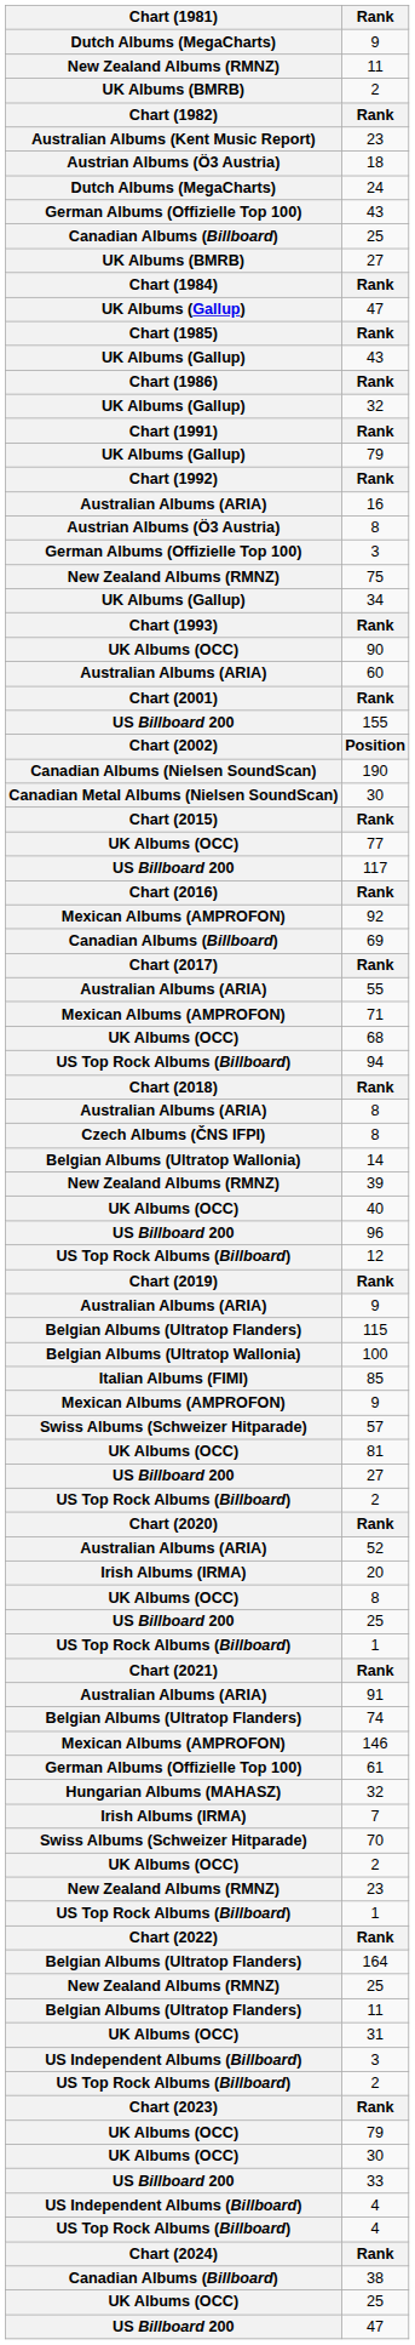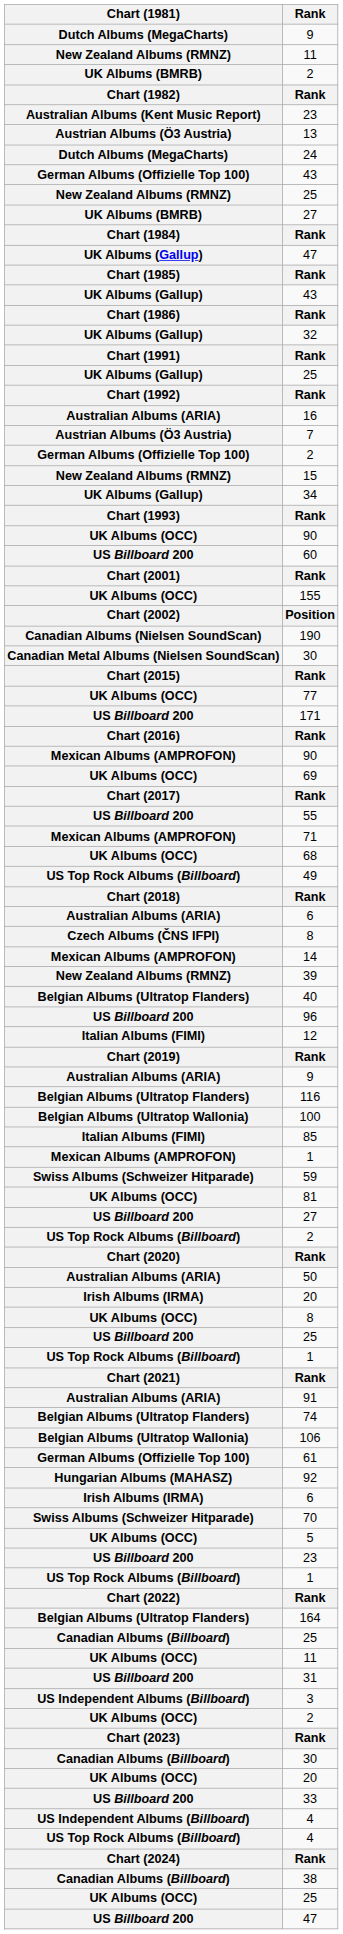 <table class="wikitable plainrowheaders">
 <tr>
 <th scope="col">Chart (1981)</th>
 <th scope="col">Rank</th>
 </tr>
 <tr>
 <th scope="row">Dutch Albums (MegaCharts)</th>
 <td style="text-align:center;">9</td>
 </tr>
 <tr>
 <th scope="row">New Zealand Albums (RMNZ)</th>
 <td style="text-align:center;">11</td>
 </tr>
 <tr>
 <th scope="row">UK Albums (BMRB)</th>
 <td style="text-align:center;">2</td>
 </tr>
 <tr>
 <th scope="col">Chart (1982)</th>
 <th scope="col">Rank</th>
 </tr>
 <tr>
 <th scope="row">Australian Albums (Kent Music Report)</th>
 <td style="text-align:center;">23</td>
 </tr>
 <tr>
 <th scope="row">Austrian Albums (Ö3 Austria)</th>
-<td style="text-align:center;">18</td>
+<td style="text-align:center;">13</td>
 </tr>
 <tr>
 <th scope="row">Dutch Albums (MegaCharts)</th>
 <td style="text-align:center;">24</td>
 </tr>
 <tr>
 <th scope="row">German Albums (Offizielle Top 100)</th>
 <td style="text-align:center;">43</td>
 </tr>
 <tr>
-<th scope="row">Canadian Albums (<em>Billboard</em>)</th>
+<th scope="row">New Zealand Albums (RMNZ)</th>
 <td style="text-align:center;">25</td>
 </tr>
 <tr>
 <th scope="row">UK Albums (BMRB)</th>
 <td style="text-align:center;">27</td>
 </tr>
 <tr>
 <th scope="col">Chart (1984)</th>
 <th scope="col">Rank</th>
 </tr>
 <tr>
 <th scope="row">UK Albums (<a href='#'>Gallup</a>)</th>
 <td style="text-align:center;">47</td>
 </tr>
 <tr>
 <th scope="col">Chart (1985)</th>
 <th scope="col">Rank</th>
 </tr>
 <tr>
 <th scope="row">UK Albums (Gallup)</th>
 <td style="text-align:center;">43</td>
 </tr>
 <tr>
 <th scope="col">Chart (1986)</th>
 <th scope="col">Rank</th>
 </tr>
 <tr>
 <th scope="row">UK Albums (Gallup)</th>
 <td style="text-align:center;">32</td>
 </tr>
 <tr>
 <th scope="col">Chart (1991)</th>
 <th scope="col">Rank</th>
 </tr>
 <tr>
 <th scope="row">UK Albums (Gallup)</th>
-<td style="text-align:center;">79</td>
+<td style="text-align:center;">25</td>
 </tr>
 <tr>
 <th scope="col">Chart (1992)</th>
 <th scope="col">Rank</th>
 </tr>
 <tr>
 <th scope="row">Australian Albums (ARIA)</th>
 <td style="text-align:center;">16</td>
 </tr>
 <tr>
 <th scope="row">Austrian Albums (Ö3 Austria)</th>
-<td style="text-align:center;">8</td>
+<td style="text-align:center;">7</td>
 </tr>
 <tr>
 <th scope="row">German Albums (Offizielle Top 100)</th>
-<td style="text-align:center;">3</td>
+<td style="text-align:center;">2</td>
 </tr>
 <tr>
 <th scope="row">New Zealand Albums (RMNZ)</th>
-<td style="text-align:center;">75</td>
+<td style="text-align:center;">15</td>
 </tr>
 <tr>
 <th scope="row">UK Albums (Gallup)</th>
 <td style="text-align:center;">34</td>
 </tr>
 <tr>
 <th scope="col">Chart (1993)</th>
 <th scope="col">Rank</th>
 </tr>
 <tr>
 <th scope="row">UK Albums (OCC)</th>
 <td style="text-align:center;">90</td>
 </tr>
 <tr>
-<th scope="row">Australian Albums (ARIA)</th>
+<th scope="row">US <em>Billboard</em> 200</th>
 <td style="text-align:center;">60</td>
 </tr>
 <tr>
 <th scope="col">Chart (2001)</th>
 <th scope="col">Rank</th>
 </tr>
 <tr>
-<th scope="row">US <em>Billboard</em> 200</th>
+<th scope="row">UK Albums (OCC)</th>
 <td style="text-align:center;">155</td>
 </tr>
 <tr>
 <th scope="col">Chart (2002)</th>
 <th scope="col">Position</th>
 </tr>
 <tr>
 <th scope="row">Canadian Albums (Nielsen SoundScan)</th>
 <td style="text-align:center;">190</td>
 </tr>
 <tr>
 <th scope="row">Canadian Metal Albums (Nielsen SoundScan)</th>
 <td style="text-align:center;">30</td>
 </tr>
 <tr>
 <th scope="col">Chart (2015)</th>
 <th scope="col">Rank</th>
 </tr>
 <tr>
 <th scope="row">UK Albums (OCC)</th>
 <td style="text-align:center;">77</td>
 </tr>
 <tr>
 <th scope="row">US <em>Billboard</em> 200<br></th>
-<td style="text-align:center;">117</td>
+<td style="text-align:center;">171</td>
 </tr>
 <tr>
 <th scope="col">Chart (2016)</th>
 <th scope="col">Rank</th>
 </tr>
 <tr>
 <th scope="row">Mexican Albums (AMPROFON)</th>
-<td style="text-align:center;">92</td>
+<td style="text-align:center;">90</td>
 </tr>
 <tr>
-<th scope="row">Canadian Albums (<em>Billboard</em>)</th>
+<th scope="row">UK Albums (OCC)</th>
 <td style="text-align:center;">69</td>
 </tr>
 <tr>
 <th scope="col">Chart (2017)</th>
 <th scope="col">Rank</th>
 </tr>
 <tr>
-<th scope="row">Australian Albums (ARIA)</th>
+<th scope="row">US <em>Billboard</em> 200</th>
 <td style="text-align:center;">55</td>
 </tr>
 <tr>
 <th scope="row">Mexican Albums (AMPROFON)</th>
 <td style="text-align:center;">71</td>
 </tr>
 <tr>
 <th scope="row">UK Albums (OCC)</th>
 <td style="text-align:center;">68</td>
 </tr>
 <tr>
 <th scope="row">US Top Rock Albums (<em>Billboard</em>)</th>
-<td style="text-align:center;">94</td>
+<td style="text-align:center;">49</td>
 </tr>
 <tr>
 <th scope="col">Chart (2018)</th>
 <th scope="col">Rank</th>
 </tr>
 <tr>
 <th scope="row">Australian Albums (ARIA)</th>
-<td style="text-align:center;">8</td>
+<td style="text-align:center;">6</td>
 </tr>
 <tr>
 <th scope="row">Czech Albums (ČNS IFPI)</th>
 <td style="text-align:center;">8</td>
 </tr>
 <tr>
-<th scope="row">Belgian Albums (Ultratop Wallonia)</th>
+<th scope="row">Mexican Albums (AMPROFON)</th>
 <td style="text-align:center;">14</td>
 </tr>
 <tr>
 <th scope="row">New Zealand Albums (RMNZ)</th>
 <td style="text-align:center;">39</td>
 </tr>
 <tr>
-<th scope="row">UK Albums (OCC)</th>
+<th scope="row">Belgian Albums (Ultratop Flanders)</th>
 <td style="text-align:center;">40</td>
 </tr>
 <tr>
 <th scope="row">US <em>Billboard</em> 200</th>
 <td style="text-align:center;">96</td>
 </tr>
 <tr>
-<th scope="row">US Top Rock Albums (<em>Billboard</em>)</th>
+<th scope="row">Italian Albums (FIMI)</th>
 <td style="text-align:center;">12</td>
 </tr>
 <tr>
 <th scope="col">Chart (2019)</th>
 <th scope="col">Rank</th>
 </tr>
 <tr>
 <th scope="row">Australian Albums (ARIA)</th>
 <td style="text-align:center;">9</td>
 </tr>
 <tr>
 <th scope="row">Belgian Albums (Ultratop Flanders)</th>
-<td style="text-align:center;">115</td>
+<td style="text-align:center;">116</td>
 </tr>
 <tr>
 <th scope="row">Belgian Albums (Ultratop Wallonia)</th>
 <td style="text-align:center;">100</td>
 </tr>
 <tr>
 <th scope="row">Italian Albums (FIMI)</th>
 <td style="text-align:center;">85</td>
 </tr>
 <tr>
 <th scope="row">Mexican Albums (AMPROFON)</th>
-<td style="text-align:center;">9</td>
+<td style="text-align:center;">1</td>
 </tr>
 <tr>
 <th scope="row">Swiss Albums (Schweizer Hitparade)</th>
-<td style="text-align:center;">57</td>
+<td style="text-align:center;">59</td>
 </tr>
 <tr>
 <th scope="row">UK Albums (OCC)</th>
 <td style="text-align:center;">81</td>
 </tr>
 <tr>
 <th scope="row">US <em>Billboard</em> 200</th>
 <td style="text-align:center;">27</td>
 </tr>
 <tr>
 <th scope="row">US Top Rock Albums (<em>Billboard</em>)</th>
 <td style="text-align:center;">2</td>
 </tr>
 <tr>
 <th scope="col">Chart (2020)</th>
 <th scope="col">Rank</th>
 </tr>
 <tr>
 <th scope="row">Australian Albums (ARIA)</th>
-<td style="text-align:center;">52</td>
+<td style="text-align:center;">50</td>
 </tr>
 <tr>
 <th scope="row">Irish Albums (IRMA)</th>
 <td style="text-align:center;">20</td>
 </tr>
 <tr>
 <th scope="row">UK Albums (OCC)</th>
 <td style="text-align:center;">8</td>
 </tr>
 <tr>
 <th scope="row">US <em>Billboard</em> 200</th>
 <td style="text-align:center;">25</td>
 </tr>
 <tr>
 <th scope="row">US Top Rock Albums (<em>Billboard</em>)</th>
 <td style="text-align:center;">1</td>
 </tr>
 <tr>
 <th scope="col">Chart (2021)</th>
 <th scope="col">Rank</th>
 </tr>
 <tr>
 <th scope="row">Australian Albums (ARIA)</th>
 <td style="text-align:center;">91</td>
 </tr>
 <tr>
 <th scope="row">Belgian Albums (Ultratop Flanders)</th>
 <td style="text-align:center;">74</td>
 </tr>
 <tr>
-<th scope="row">Mexican Albums (AMPROFON)</th>
-<td style="text-align:center;">146</td>
+<th scope="row">Belgian Albums (Ultratop Wallonia)</th>
+<td style="text-align:center;">106</td>
 </tr>
 <tr>
 <th scope="row">German Albums (Offizielle Top 100)</th>
 <td style="text-align:center;">61</td>
 </tr>
 <tr>
 <th scope="row">Hungarian Albums (MAHASZ)</th>
-<td style="text-align:center;">32</td>
+<td style="text-align:center;">92</td>
 </tr>
 <tr>
 <th scope="row">Irish Albums (IRMA)</th>
-<td style="text-align:center;">7</td>
+<td style="text-align:center;">6</td>
 </tr>
 <tr>
 <th scope="row">Swiss Albums (Schweizer Hitparade)</th>
 <td style="text-align:center;">70</td>
 </tr>
 <tr>
 <th scope="row">UK Albums (OCC)</th>
-<td style="text-align:center;">2</td>
+<td style="text-align:center;">5</td>
 </tr>
 <tr>
-<th scope="row">New Zealand Albums (RMNZ)</th>
+<th scope="row">US <em>Billboard</em> 200</th>
 <td style="text-align:center;">23</td>
 </tr>
 <tr>
 <th scope="row">US Top Rock Albums (<em>Billboard</em>)</th>
 <td style="text-align:center;">1</td>
 </tr>
 <tr>
 <th scope="col">Chart (2022)</th>
 <th scope="col">Rank</th>
 </tr>
 <tr>
 <th scope="row">Belgian Albums (Ultratop Flanders)</th>
 <td style="text-align:center;">164</td>
 </tr>
 <tr>
-<th scope="row">New Zealand Albums (RMNZ)</th>
+<th scope="row">Canadian Albums (<em>Billboard</em>)</th>
 <td style="text-align:center;">25</td>
 </tr>
 <tr>
-<th scope="row">Belgian Albums (Ultratop Flanders)</th>
+<th scope="row">UK Albums (OCC)</th>
 <td style="text-align:center;">11</td>
 </tr>
 <tr>
-<th scope="row">UK Albums (OCC)</th>
+<th scope="row">US <em>Billboard</em> 200</th>
 <td style="text-align:center;">31</td>
 </tr>
 <tr>
 <th scope="row">US Independent Albums (<em>Billboard</em>)</th>
 <td style="text-align:center;">3</td>
 </tr>
 <tr>
-<th scope="row">US Top Rock Albums (<em>Billboard</em>)</th>
+<th scope="row">UK Albums (OCC)</th>
 <td style="text-align:center;">2</td>
 </tr>
 <tr>
 <th scope="col">Chart (2023)</th>
 <th scope="col">Rank</th>
 </tr>
 <tr>
-<th scope="row">UK Albums (OCC)</th>
-<td style="text-align:center;">79</td>
+<th scope="row">Canadian Albums (<em>Billboard</em>)</th>
+<td style="text-align:center;">30</td>
 </tr>
 <tr>
 <th scope="row">UK Albums (OCC)</th>
-<td style="text-align:center;">30</td>
+<td style="text-align:center;">20</td>
 </tr>
 <tr>
 <th scope="row">US <em>Billboard</em> 200</th>
 <td style="text-align:center;">33</td>
 </tr>
 <tr>
 <th scope="row">US Independent Albums (<em>Billboard</em>)</th>
 <td style="text-align:center;">4</td>
 </tr>
 <tr>
 <th scope="row">US Top Rock Albums (<em>Billboard</em>)</th>
 <td style="text-align:center;">4</td>
 </tr>
 <tr>
 <th scope="col">Chart (2024)</th>
 <th scope="col">Rank</th>
 </tr>
 <tr>
 <th scope="row">Canadian Albums (<em>Billboard</em>)</th>
 <td style="text-align:center;">38</td>
 </tr>
 <tr>
 <th scope="row">UK Albums (OCC)</th>
 <td style="text-align:center;">25</td>
 </tr>
 <tr>
 <th scope="row">US <em>Billboard</em> 200</th>
 <td style="text-align:center;">47</td>
 </tr>
 </table>
